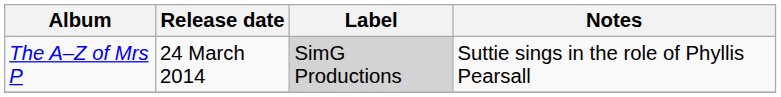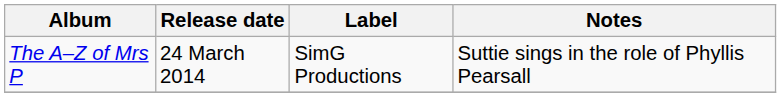 <table class="wikitable">
 <tr>
 <th>Album</th>
 <th>Release date</th>
 <th>Label</th>
 <th>Notes</th>
 </tr>
 <tr>
 <td><em><a href='#'>The A–Z of Mrs P</a></em></td>
 <td>24 March 2014</td>
-<td style="background: lightgrey;">SimG Productions</td>
+<td>SimG Productions</td>
 <td>Suttie sings in the role of Phyllis Pearsall</td>
 </tr>
 <tr>
 </tr>
 </table>
